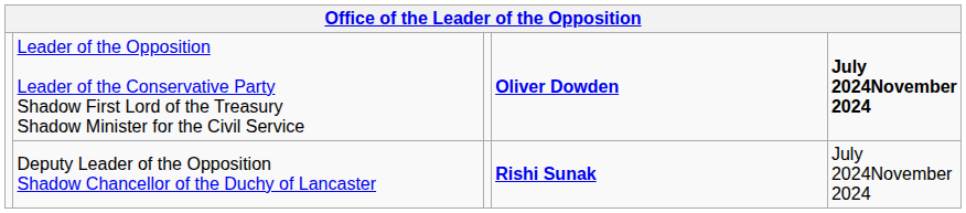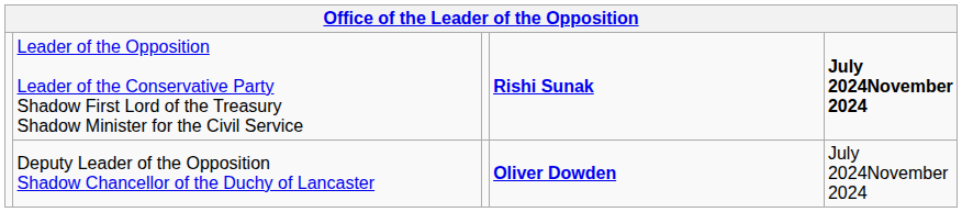 <table class="wikitable">
 <tr>
 <th colspan="5"><a href='#'>Office of the Leader of the Opposition</a></th>
 </tr>
 <tr>
 <td rowspan="8" style="background: "></td>
 <td style="width: 450px;"><a href='#'>Leader of the Opposition</a><br><br><a href='#'>Leader of the Conservative Party</a><br> Shadow First Lord of the Treasury<br> Shadow Minister for the Civil Service</td>
 <td style="background: "></td>
-<td><strong><a href='#'>Oliver Dowden</a></strong></td>
+<td style="width: 320px;"><strong><a href='#'>Rishi Sunak</a></strong></td>
 <td><strong>July 2024November 2024</strong></td>
 </tr>
 <tr>
 <td>Deputy Leader of the Opposition<br><a href='#'>Shadow Chancellor of the Duchy of Lancaster</a></td>
 <td style="background: "></td>
-<td style="width: 320px;"><strong><a href='#'>Rishi Sunak</a></strong></td>
+<td><strong><a href='#'>Oliver Dowden</a></strong></td>
 <td>July 2024November 2024</td>
 </tr>
 </table>
